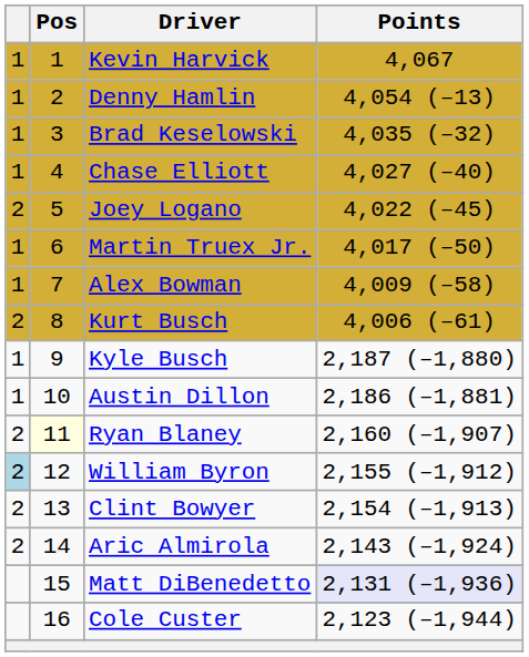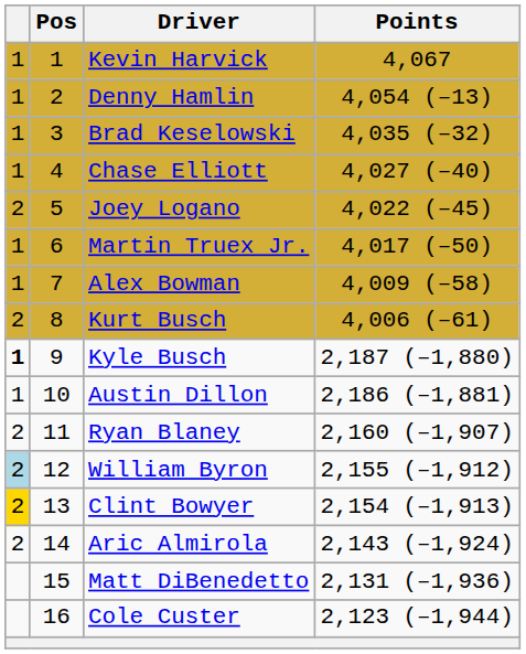 <table class="wikitable" style="font-size: 95%">
 <tr>
 <th></th>
 <th>Pos</th>
 <th>Driver</th>
 <th>Points</th>
 </tr>
 <tr style="background:#D4AF37;">
 <td align="left"> 1</td>
 <td style="text-align:center;">1</td>
 <td><a href='#'>Kevin Harvick</a></td>
 <td style="text-align:center;">4,067</td>
 </tr>
 <tr style="background:#D4AF37;">
 <td align="left"> 1</td>
 <td style="text-align:center;">2</td>
 <td><a href='#'>Denny Hamlin</a></td>
 <td style="text-align:center;">4,054 (–13)</td>
 </tr>
 <tr style="background:#D4AF37;">
 <td align="left"> 1</td>
 <td style="text-align:center;">3</td>
 <td><a href='#'>Brad Keselowski</a></td>
 <td style="text-align:center;">4,035 (–32)</td>
 </tr>
 <tr style="background:#D4AF37;">
 <td align="left"> 1</td>
 <td style="text-align:center;">4</td>
 <td><a href='#'>Chase Elliott</a></td>
 <td style="text-align:center;">4,027 (–40)</td>
 </tr>
 <tr style="background:#D4AF37;">
 <td align="left"> 2</td>
 <td style="text-align:center;">5</td>
 <td><a href='#'>Joey Logano</a></td>
 <td style="text-align:center;">4,022 (–45)</td>
 </tr>
 <tr style="background:#D4AF37;">
 <td align="left"> 1</td>
 <td style="text-align:center;">6</td>
 <td><a href='#'>Martin Truex Jr.</a></td>
 <td style="text-align:center;">4,017 (–50)</td>
 </tr>
 <tr style="background:#D4AF37;">
 <td align="left"> 1</td>
 <td style="text-align:center;">7</td>
 <td><a href='#'>Alex Bowman</a></td>
 <td style="text-align:center;">4,009 (–58)</td>
 </tr>
 <tr style="background:#D4AF37;">
 <td align="left"> 2</td>
 <td style="text-align:center;">8</td>
 <td><a href='#'>Kurt Busch</a></td>
 <td style="text-align:center;">4,006 (–61)</td>
 </tr>
 <tr>
-<td align="left"> 1</td>
+<td align="left"><strong> 1</strong></td>
 <td style="text-align:center;">9</td>
 <td><a href='#'>Kyle Busch</a></td>
 <td style="text-align:center;">2,187 (–1,880)</td>
 </tr>
 <tr>
 <td align="left"> 1</td>
 <td style="text-align:center;">10</td>
 <td><a href='#'>Austin Dillon</a></td>
 <td style="text-align:center;">2,186 (–1,881)</td>
 </tr>
 <tr>
 <td align="left"> 2</td>
-<td style="background: lightyellow; text-align:center;">11</td>
+<td style="text-align:center;">11</td>
 <td><a href='#'>Ryan Blaney</a></td>
 <td style="text-align:center;">2,160 (–1,907)</td>
 </tr>
 <tr>
 <td align="left" style="background: lightblue;"> 2</td>
 <td style="text-align:center;">12</td>
 <td><a href='#'>William Byron</a></td>
 <td style="text-align:center;">2,155 (–1,912)</td>
 </tr>
 <tr>
-<td align="left"> 2</td>
+<td align="left" style="background: gold;"> 2</td>
 <td style="text-align:center;">13</td>
 <td><a href='#'>Clint Bowyer</a></td>
 <td style="text-align:center;">2,154 (–1,913)</td>
 </tr>
 <tr>
 <td align="left"> 2</td>
 <td style="text-align:center;">14</td>
 <td><a href='#'>Aric Almirola</a></td>
 <td style="text-align:center;">2,143 (–1,924)</td>
 </tr>
 <tr>
 <td align="left"></td>
 <td style="text-align:center;">15</td>
 <td><a href='#'>Matt DiBenedetto</a></td>
-<td style="background: lavender; text-align:center;">2,131 (–1,936)</td>
+<td style="text-align:center;">2,131 (–1,936)</td>
 </tr>
 <tr>
 <td align="left"></td>
 <td style="text-align:center;">16</td>
 <td><a href='#'>Cole Custer</a></td>
 <td style="text-align:center;">2,123 (–1,944)</td>
 </tr>
 <tr class="sortbottom">
 <th colspan="9"></th>
 </tr>
 </table>
